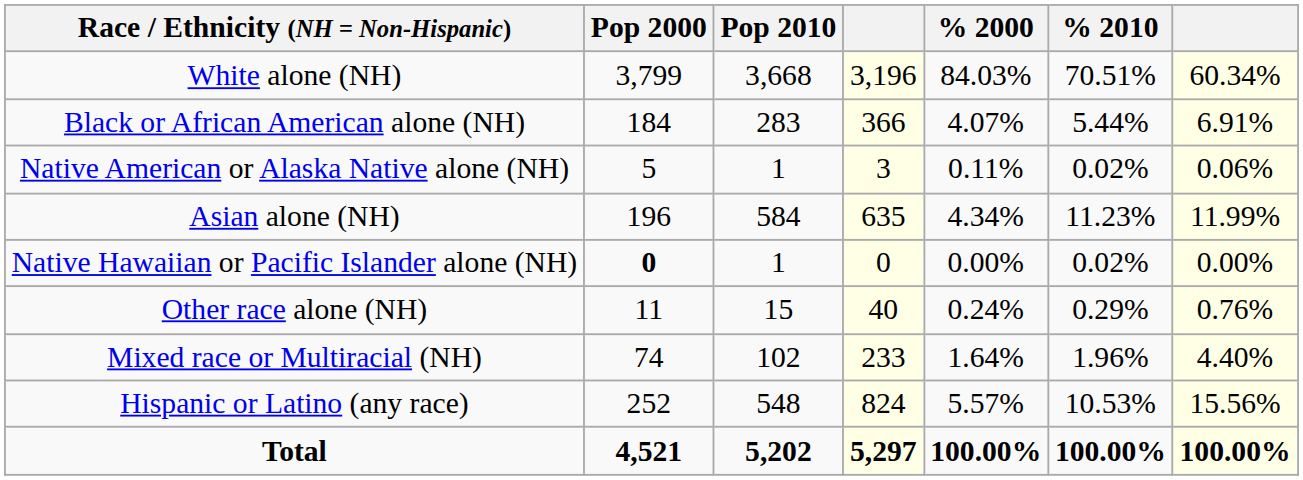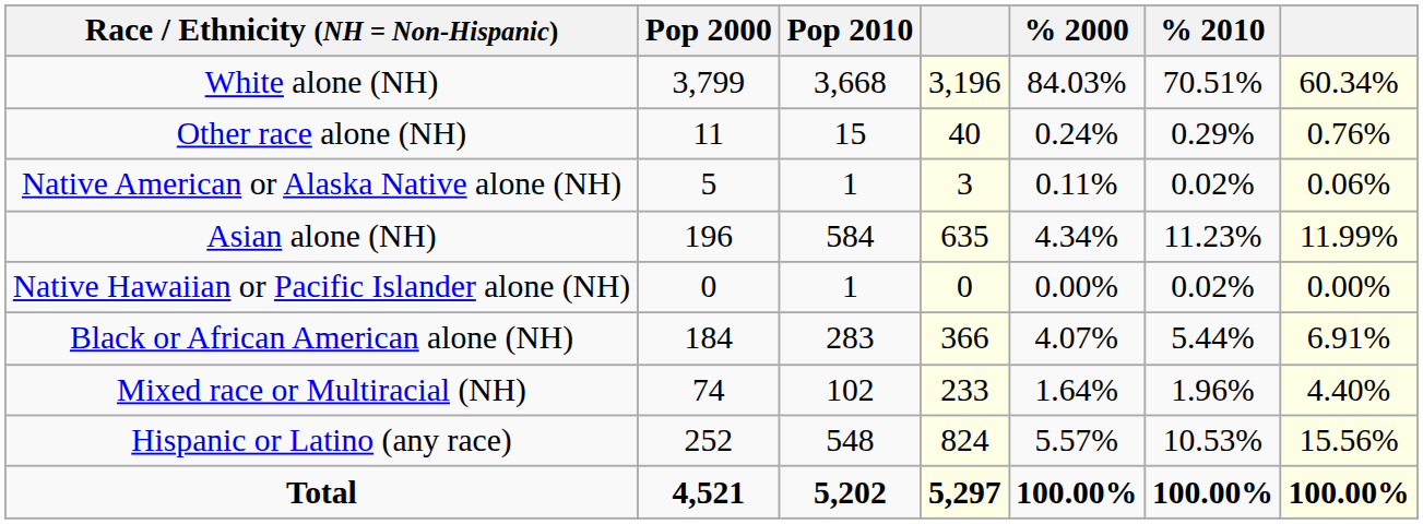 <table class="wikitable" style="text-align:center;">
 <tr>
 <th>Race / Ethnicity <small>(<em>NH = Non-Hispanic</em>)</small></th>
 <th>Pop 2000</th>
 <th>Pop 2010</th>
 <th></th>
 <th>% 2000</th>
 <th>% 2010</th>
 <th></th>
 </tr>
 <tr>
 <td><a href='#'>White</a> alone (NH)</td>
 <td>3,799</td>
 <td>3,668</td>
 <td style='background: #ffffe6;'>3,196</td>
 <td>84.03%</td>
 <td>70.51%</td>
 <td style='background: #ffffe6;'>60.34%</td>
 </tr>
 <tr>
-<td><a href='#'>Black or African American</a> alone (NH)</td>
-<td>184</td>
-<td>283</td>
-<td style='background: #ffffe6;'>366</td>
-<td>4.07%</td>
-<td>5.44%</td>
-<td style='background: #ffffe6;'>6.91%</td>
+<td><a href='#'>Other race</a> alone (NH)</td>
+<td>11</td>
+<td>15</td>
+<td style='background: #ffffe6;'>40</td>
+<td>0.24%</td>
+<td>0.29%</td>
+<td style='background: #ffffe6;'>0.76%</td>
 </tr>
 <tr>
 <td><a href='#'>Native American</a> or <a href='#'>Alaska Native</a> alone (NH)</td>
 <td>5</td>
 <td>1</td>
 <td style='background: #ffffe6;'>3</td>
 <td>0.11%</td>
 <td>0.02%</td>
 <td style='background: #ffffe6;'>0.06%</td>
 </tr>
 <tr>
 <td><a href='#'>Asian</a> alone (NH)</td>
 <td>196</td>
 <td>584</td>
 <td style='background: #ffffe6;'>635</td>
 <td>4.34%</td>
 <td>11.23%</td>
 <td style='background: #ffffe6;'>11.99%</td>
 </tr>
 <tr>
 <td><a href='#'>Native Hawaiian</a> or <a href='#'>Pacific Islander</a> alone (NH)</td>
-<td><strong>0</strong></td>
+<td>0</td>
 <td>1</td>
 <td style='background: #ffffe6;'>0</td>
 <td>0.00%</td>
 <td>0.02%</td>
 <td style='background: #ffffe6;'>0.00%</td>
 </tr>
 <tr>
-<td><a href='#'>Other race</a> alone (NH)</td>
-<td>11</td>
-<td>15</td>
-<td style='background: #ffffe6;'>40</td>
-<td>0.24%</td>
-<td>0.29%</td>
-<td style='background: #ffffe6;'>0.76%</td>
+<td><a href='#'>Black or African American</a> alone (NH)</td>
+<td>184</td>
+<td>283</td>
+<td style='background: #ffffe6;'>366</td>
+<td>4.07%</td>
+<td>5.44%</td>
+<td style='background: #ffffe6;'>6.91%</td>
 </tr>
 <tr>
 <td><a href='#'>Mixed race or Multiracial</a> (NH)</td>
 <td>74</td>
 <td>102</td>
 <td style='background: #ffffe6;'>233</td>
 <td>1.64%</td>
 <td>1.96%</td>
 <td style='background: #ffffe6;'>4.40%</td>
 </tr>
 <tr>
 <td><a href='#'>Hispanic or Latino</a> (any race)</td>
 <td>252</td>
 <td>548</td>
 <td style='background: #ffffe6;'>824</td>
 <td>5.57%</td>
 <td>10.53%</td>
 <td style='background: #ffffe6;'>15.56%</td>
 </tr>
 <tr>
 <td><strong>Total</strong></td>
 <td><strong>4,521</strong></td>
 <td><strong>5,202</strong></td>
 <td style='background: #ffffe6;'><strong>5,297</strong></td>
 <td><strong>100.00%</strong></td>
 <td><strong>100.00%</strong></td>
 <td style='background: #ffffe6;'><strong>100.00%</strong></td>
 </tr>
 </table>
